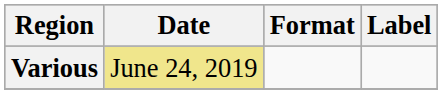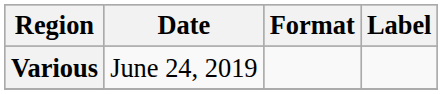 <table class="wikitable plainrowheaders">
 <tr>
 <th>Region</th>
 <th>Date</th>
 <th>Format</th>
 <th>Label</th>
 </tr>
 <tr>
 <th scope="row">Various</th>
-<td style="background: khaki;">June 24, 2019</td>
+<td>June 24, 2019</td>
 <td></td>
 <td></td>
 </tr>
 <tr>
 </tr>
 </table>
